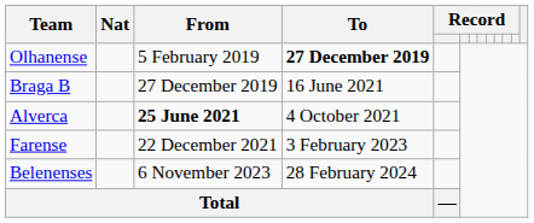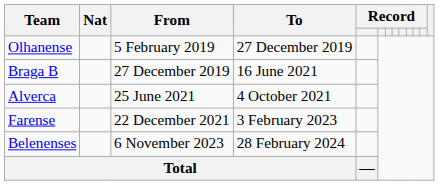 <table class="wikitable" style="text-align: center">
 <tr>
 <th rowspan="2">Team</th>
 <th rowspan="2">Nat</th>
 <th rowspan="2">From</th>
 <th rowspan="2">To</th>
 <th colspan="8">Record</th>
 <th rowspan=2></th>
 </tr>
 <tr>
 <th></th>
 <th></th>
 <th></th>
 <th></th>
 <th></th>
 <th></th>
 <th></th>
 <th></th>
 </tr>
 <tr>
 <td align=left><a href='#'>Olhanense</a></td>
 <td></td>
 <td align=left>5 February 2019</td>
-<td align=left><strong>27 December 2019<br></strong></td>
+<td align=left>27 December 2019<br></td>
 <td></td>
 </tr>
 <tr>
 <td align=left><a href='#'>Braga B</a></td>
 <td></td>
 <td align=left>27 December 2019</td>
 <td align=left>16 June 2021<br></td>
 <td></td>
 </tr>
 <tr>
 <td align=left><a href='#'>Alverca</a></td>
 <td></td>
-<td align=left><strong>25 June 2021</strong></td>
+<td align=left>25 June 2021</td>
 <td align=left>4 October 2021<br></td>
 <td></td>
 </tr>
 <tr>
 <td align=left><a href='#'>Farense</a></td>
 <td></td>
 <td align=left>22 December 2021</td>
 <td align=left>3 February 2023<br></td>
 <td></td>
 </tr>
 <tr>
 <td align=left><a href='#'>Belenenses</a></td>
 <td></td>
 <td align=left>6 November 2023</td>
 <td align=left>28 February 2024<br></td>
 <td></td>
 </tr>
 <tr>
 <th colspan="4">Total<br></th>
 <th>—</th>
 </tr>
 </table>
